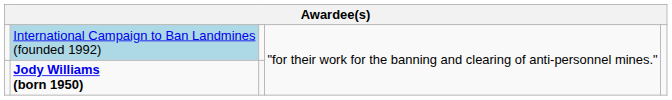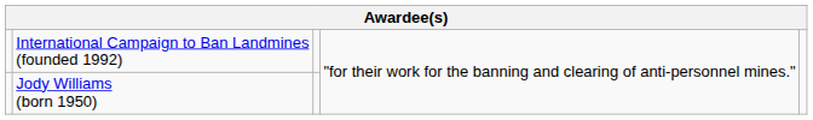 <table class="wikitable">
 <tr>
 <th colspan="5">Awardee(s)</th>
 </tr>
 <tr>
 <td></td>
-<td style="background: lightblue;"><a href='#'>International Campaign to Ban Landmines</a><br>(founded 1992)</td>
+<td><a href='#'>International Campaign to Ban Landmines</a><br>(founded 1992)</td>
 <td></td>
 <td rowspan="2">"for their work for the banning and clearing of anti-personnel mines."</td>
 <td rowspan="2"></td>
 </tr>
 <tr>
 <td></td>
-<td><strong><a href='#'>Jody Williams</a><br>(born 1950)</strong></td>
+<td><a href='#'>Jody Williams</a><br>(born 1950)</td>
 <td></td>
 </tr>
 </table>
